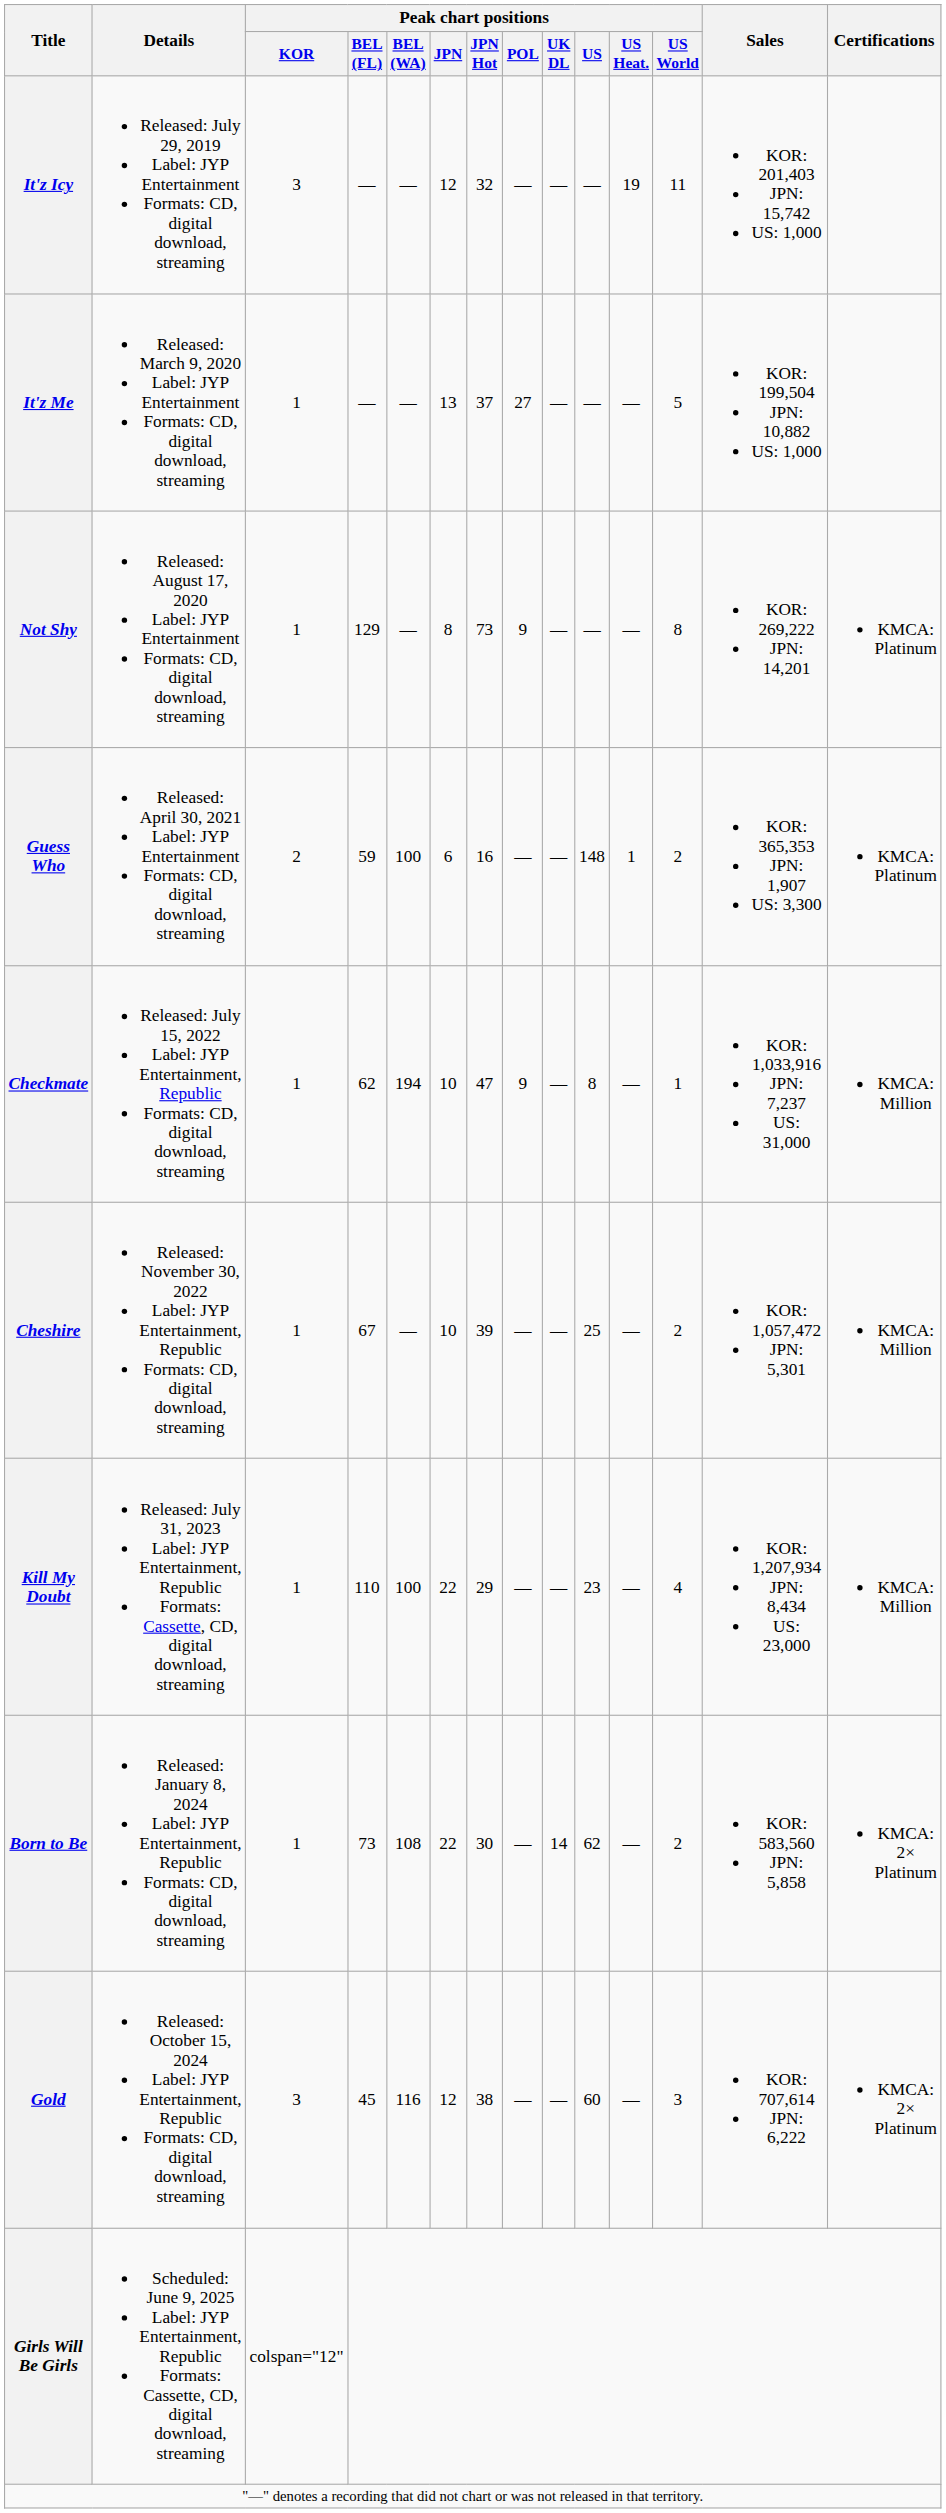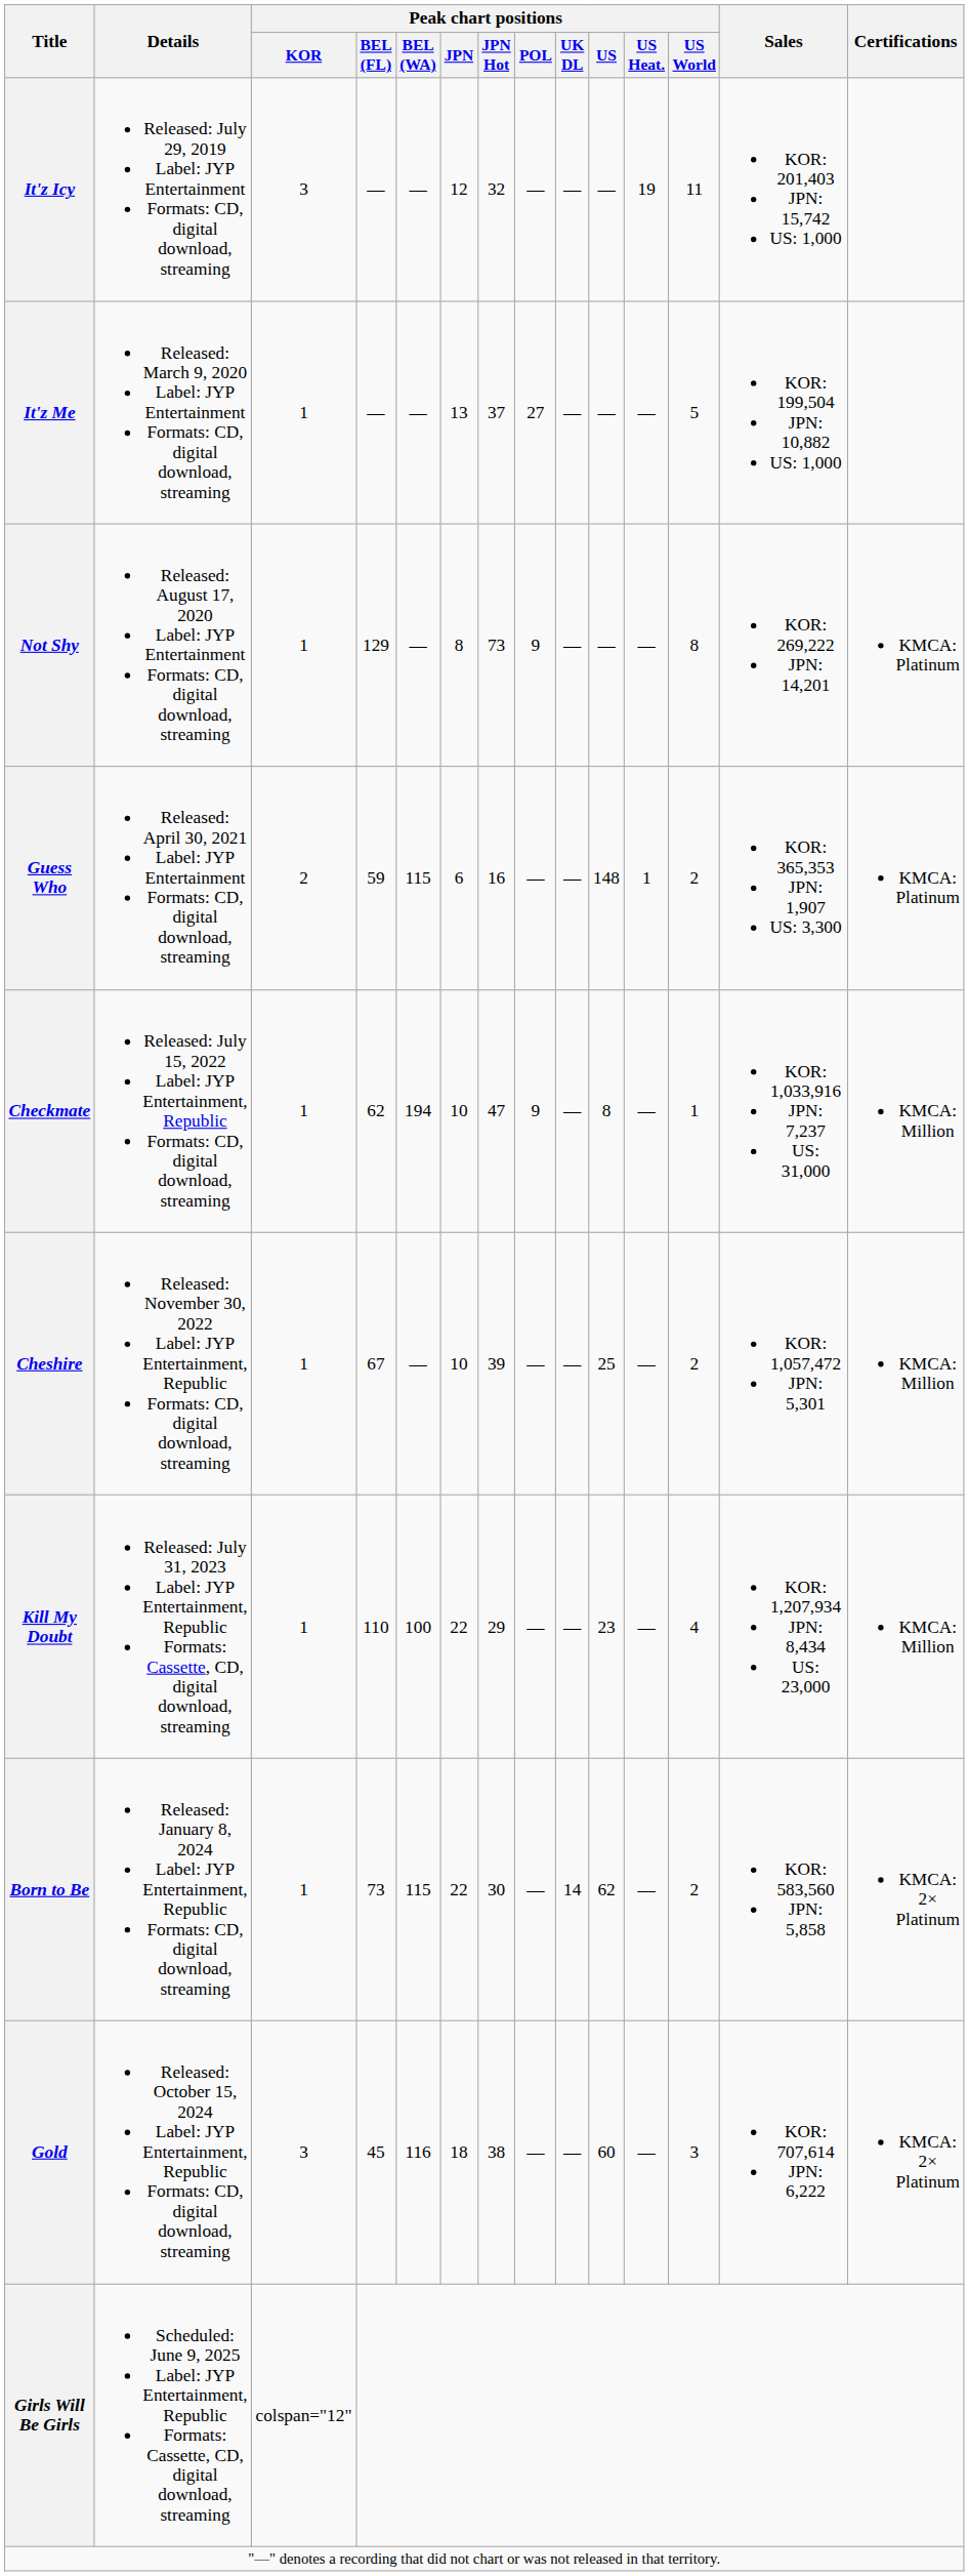 <table class="wikitable plainrowheaders" style="text-align:center">
 <tr>
 <th scope="col" rowspan="2">Title</th>
 <th scope="col" rowspan="2">Details</th>
 <th scope="col" colspan="10">Peak chart positions</th>
 <th scope="col" rowspan="2" style="width:10.5em">Sales</th>
 <th scope="col" rowspan="2">Certifications</th>
 </tr>
 <tr>
 <th scope="col" style="width:2.7em;font-size:90%"><a href='#'>KOR</a><br></th>
 <th scope="col" style="width:2.7em;font-size:90%"><a href='#'>BEL<br>(FL)</a><br></th>
 <th scope="col" style="width:2.7em;font-size:90%"><a href='#'>BEL<br>(WA)</a><br></th>
 <th scope="col" style="width:2.7em;font-size:90%"><a href='#'>JPN</a><br></th>
 <th scope="col" style="width:2.7em;font-size:90%"><a href='#'>JPN<br>Hot</a><br></th>
 <th scope="col" style="width:2.7em;font-size:90%"><a href='#'>POL</a><br></th>
 <th scope="col" style="width:2.7em;font-size:90%"><a href='#'>UK<br>DL</a><br></th>
 <th scope="col" style="width:2.7em;font-size:90%"><a href='#'>US</a><br></th>
 <th scope="col" style="width:2.7em;font-size:90%"><a href='#'>US<br>Heat.</a><br></th>
 <th scope="col" style="width:2.7em;font-size:90%"><a href='#'>US<br>World</a><br></th>
 </tr>
 <tr>
 <th scope="row"><em><a href='#'>It'z Icy</a></em></th>
 <td><br><ul><li>Released: July 29, 2019</li><li>Label: JYP Entertainment</li><li>Formats: CD, digital download, streaming</li></ul></td>
 <td>3</td>
 <td>—</td>
 <td>—</td>
 <td>12</td>
 <td>32</td>
 <td>—</td>
 <td>—</td>
 <td>—</td>
 <td>19</td>
 <td>11</td>
 <td><br><ul><li>KOR: 201,403</li><li>JPN: 15,742</li><li>US: 1,000</li></ul></td>
 <td></td>
 </tr>
 <tr>
 <th scope="row"><em><a href='#'>It'z Me</a></em></th>
 <td><br><ul><li>Released: March 9, 2020</li><li>Label: JYP Entertainment</li><li>Formats: CD, digital download, streaming</li></ul></td>
 <td>1</td>
 <td>—</td>
 <td>—</td>
 <td>13</td>
 <td>37</td>
 <td>27</td>
 <td>—</td>
 <td>—</td>
 <td>—</td>
 <td>5</td>
 <td><br><ul><li>KOR: 199,504</li><li>JPN: 10,882</li><li>US: 1,000</li></ul></td>
 <td></td>
 </tr>
 <tr>
 <th scope="row"><em><a href='#'>Not Shy</a></em></th>
 <td><br><ul><li>Released: August 17, 2020</li><li>Label: JYP Entertainment</li><li>Formats: CD, digital download, streaming</li></ul></td>
 <td>1</td>
 <td>129</td>
 <td>—</td>
 <td>8</td>
 <td>73</td>
 <td>9</td>
 <td>—</td>
 <td>—</td>
 <td>—</td>
 <td>8</td>
 <td><br><ul><li>KOR: 269,222</li><li>JPN: 14,201</li></ul></td>
 <td><br><ul><li>KMCA: Platinum</li></ul></td>
 </tr>
 <tr>
 <th scope="row"><em><a href='#'>Guess Who</a></em></th>
 <td><br><ul><li>Released: April 30, 2021</li><li>Label: JYP Entertainment</li><li>Formats: CD, digital download, streaming</li></ul></td>
 <td>2</td>
 <td>59</td>
-<td>100</td>
+<td>115</td>
 <td>6</td>
 <td>16</td>
 <td>—</td>
 <td>—</td>
 <td>148</td>
 <td>1</td>
 <td>2</td>
 <td><br><ul><li>KOR: 365,353</li><li>JPN: 1,907</li><li>US: 3,300</li></ul></td>
 <td><br><ul><li>KMCA: Platinum</li></ul></td>
 </tr>
 <tr id=Checkmate>
 <th scope="row"><em><a href='#'>Checkmate</a></em></th>
 <td><br><ul><li>Released: July 15, 2022</li><li>Label: JYP Entertainment, <a href='#'>Republic</a></li><li>Formats: CD, digital download, streaming</li></ul></td>
 <td>1</td>
 <td>62</td>
 <td>194</td>
 <td>10</td>
 <td>47</td>
 <td>9</td>
 <td>—</td>
 <td>8</td>
 <td>—</td>
 <td>1</td>
 <td><br><ul><li>KOR: 1,033,916</li><li>JPN: 7,237</li><li>US: 31,000</li></ul></td>
 <td><br><ul><li>KMCA: Million</li></ul></td>
 </tr>
 <tr>
 <th scope="row"><em><a href='#'>Cheshire</a></em></th>
 <td><br><ul><li>Released: November 30, 2022</li><li>Label: JYP Entertainment, Republic</li><li>Formats: CD, digital download, streaming</li></ul></td>
 <td>1</td>
 <td>67</td>
 <td>—</td>
 <td>10</td>
 <td>39</td>
 <td>—</td>
 <td>—</td>
 <td>25</td>
 <td>—</td>
 <td>2</td>
 <td><br><ul><li>KOR: 1,057,472</li><li>JPN: 5,301</li></ul></td>
 <td><br><ul><li>KMCA: Million</li></ul></td>
 </tr>
 <tr>
 <th scope="row"><em><a href='#'>Kill My Doubt</a></em></th>
 <td><br><ul><li>Released: July 31, 2023</li><li>Label: JYP Entertainment, Republic</li><li>Formats: <a href='#'>Cassette</a>, CD, digital download, streaming</li></ul></td>
 <td>1</td>
 <td>110</td>
 <td>100</td>
 <td>22</td>
 <td>29</td>
 <td>—</td>
 <td>—</td>
 <td>23</td>
 <td>—</td>
 <td>4</td>
 <td><br><ul><li>KOR: 1,207,934</li><li>JPN: 8,434</li><li>US: 23,000</li></ul></td>
 <td><br><ul><li>KMCA: Million</li></ul></td>
 </tr>
 <tr>
 <th scope="row"><em><a href='#'>Born to Be</a></em></th>
 <td><br><ul><li>Released: January 8, 2024</li><li>Label: JYP Entertainment, Republic</li><li>Formats: CD, digital download, streaming</li></ul></td>
 <td>1</td>
 <td>73</td>
-<td>108</td>
+<td>115</td>
 <td>22</td>
 <td>30</td>
 <td>—</td>
 <td>14</td>
 <td>62</td>
 <td>—</td>
 <td>2</td>
 <td><br><ul><li>KOR: 583,560</li><li>JPN: 5,858</li></ul></td>
 <td><br><ul><li>KMCA: 2× Platinum</li></ul></td>
 </tr>
 <tr>
 <th scope="row"><em><a href='#'>Gold</a></em></th>
 <td><br><ul><li>Released: October 15, 2024</li><li>Label: JYP Entertainment, Republic</li><li>Formats: CD, digital download, streaming</li></ul></td>
 <td>3</td>
 <td>45</td>
 <td>116</td>
-<td>12</td>
+<td>18</td>
 <td>38</td>
 <td>—</td>
 <td>—</td>
 <td>60</td>
 <td>—</td>
 <td>3</td>
 <td><br><ul><li>KOR: 707,614</li><li>JPN: 6,222</li></ul></td>
 <td><br><ul><li>KMCA: 2× Platinum</li></ul></td>
 </tr>
 <tr>
 <th scope="row"><em>Girls Will Be Girls</em></th>
 <td><br><ul><li>Scheduled: June 9, 2025</li><li>Label: JYP Entertainment, Republic</li><li>Formats: Cassette, CD, digital download, streaming</li></ul></td>
 <td>colspan="12" </td>
 </tr>
 <tr>
 <td colspan="14" style="font-size:85%">"—" denotes a recording that did not chart or was not released in that territory.</td>
 </tr>
 </table>
